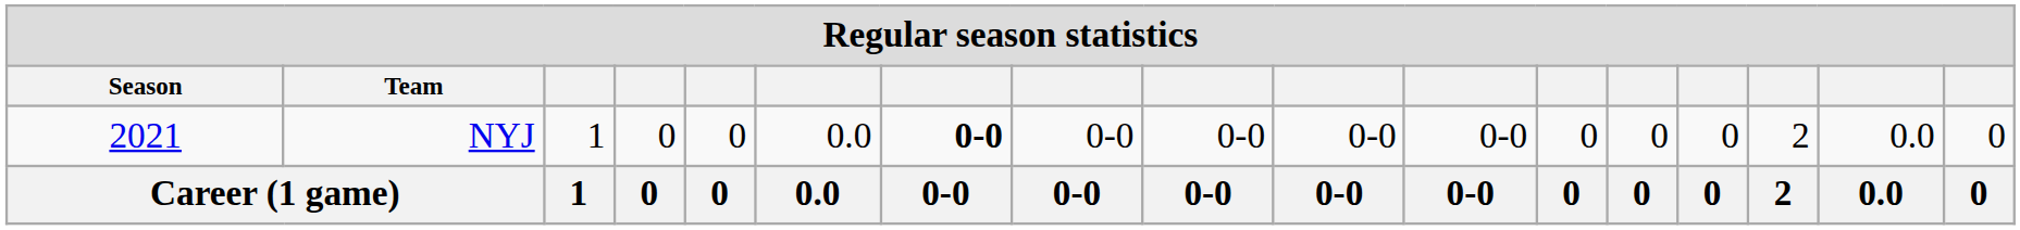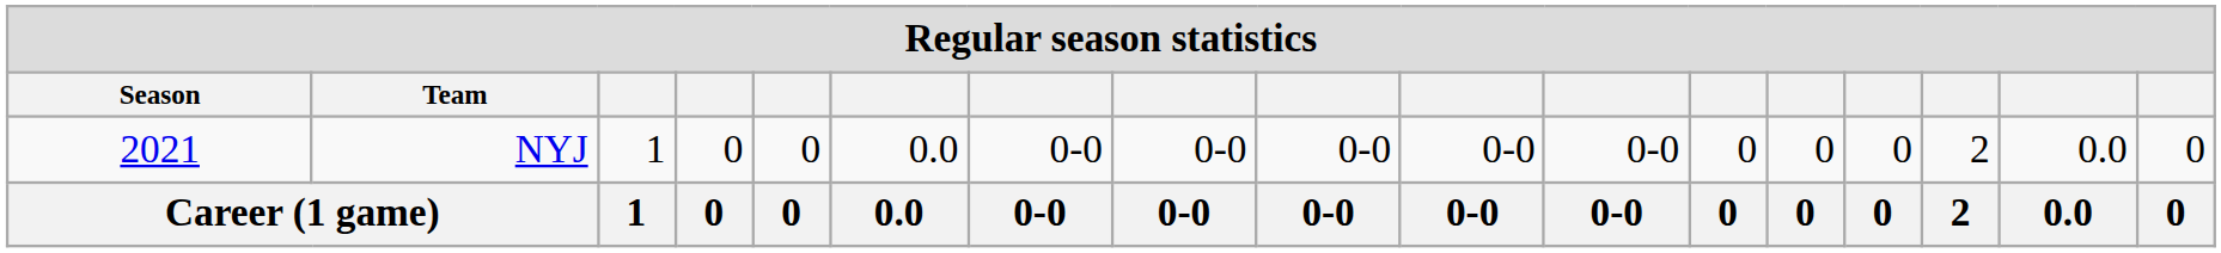 <table class="wikitable" style="margin: auto; text-align: right; font-size: 90%; width: 800px;">
 <tr>
 <th style="background:#DCDCDC;" colspan="17">Regular season statistics</th>
 </tr>
 <tr style="font-size:x-small;">
 <th>Season</th>
 <th>Team</th>
 <th></th>
 <th></th>
 <th></th>
 <th></th>
 <th></th>
 <th></th>
 <th></th>
 <th></th>
 <th></th>
 <th></th>
 <th></th>
 <th></th>
 <th></th>
 <th></th>
 <th></th>
 </tr>
 <tr>
 <td style="text-align:center;"><a href='#'>2021</a></td>
 <td><a href='#'>NYJ</a></td>
 <td>1</td>
 <td>0</td>
 <td>0</td>
 <td>0.0</td>
-<td><strong>0-0</strong></td>
+<td>0-0</td>
 <td>0-0</td>
 <td>0-0</td>
 <td>0-0</td>
 <td>0-0</td>
 <td>0</td>
 <td>0</td>
 <td>0</td>
 <td>2</td>
 <td>0.0</td>
 <td>0</td>
 </tr>
 <tr>
 <th colspan="2">Career (1 game)</th>
 <th>1</th>
 <th>0</th>
 <th>0</th>
 <th>0.0</th>
 <th>0-0</th>
 <th>0-0</th>
 <th>0-0</th>
 <th>0-0</th>
 <th>0-0</th>
 <th>0</th>
 <th>0</th>
 <th>0</th>
 <th>2</th>
 <th>0.0</th>
 <th>0</th>
 </tr>
 </table>
